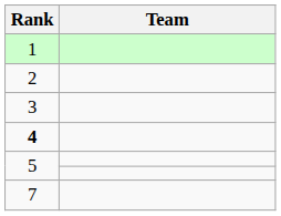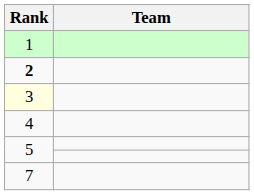 <table class="wikitable" style="text-align: center;">
 <tr>
 <th width=40>Rank</th>
 <th width=180>Team</th>
 </tr>
 <tr style="text-align: center; background: #ccffcc">
 <td>1</td>
 <td style="text-align:left;"></td>
 </tr>
 <tr align=center>
-<td>2</td>
+<td><strong>2</strong></td>
 <td style="text-align:left;"></td>
 </tr>
 <tr align=center>
-<td>3</td>
+<td style="background: lightyellow;">3</td>
 <td style="text-align:left;"></td>
 </tr>
 <tr align=center>
-<td><strong>4</strong></td>
+<td>4</td>
 <td style="text-align:left;"></td>
 </tr>
 <tr align=center>
 <td rowspan="2">5</td>
 <td style="text-align:left;"></td>
 </tr>
 <tr align=center>
 <td style="text-align:left;"></td>
 </tr>
 <tr align=center>
 <td>7</td>
 <td style="text-align:left;"></td>
 </tr>
 </table>
